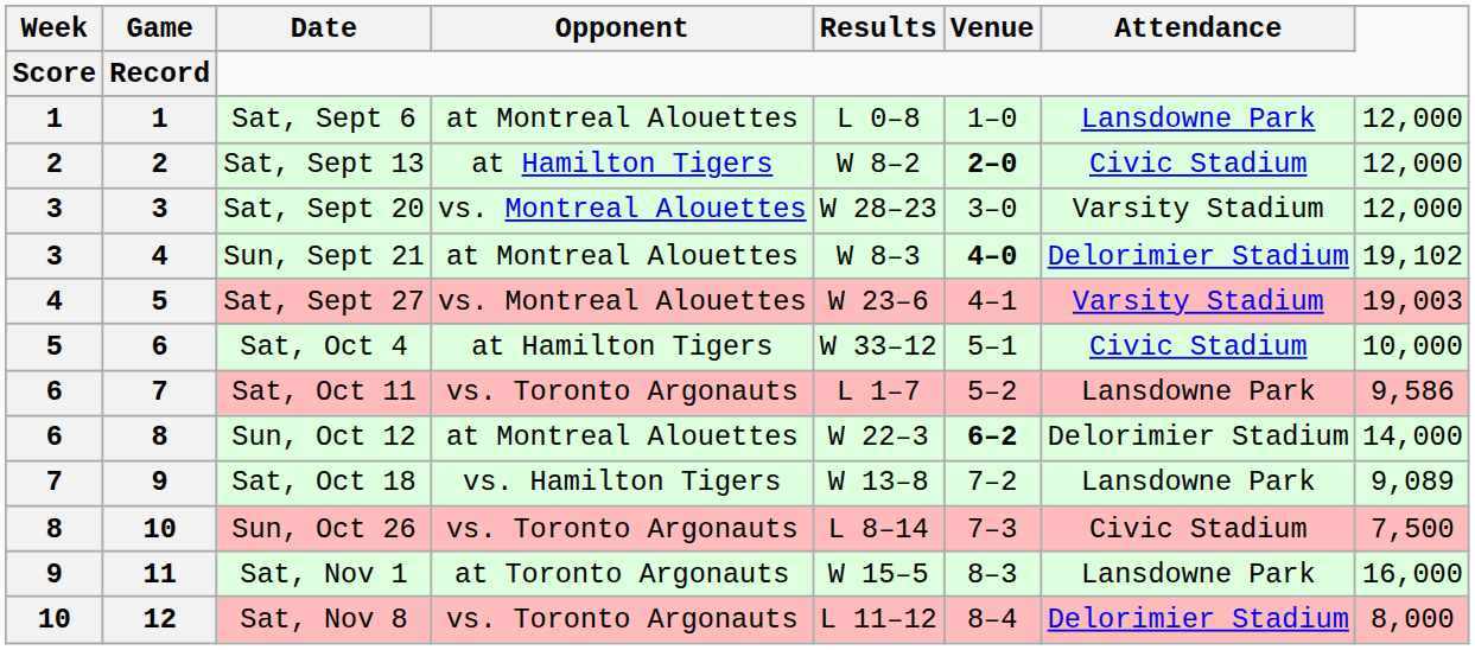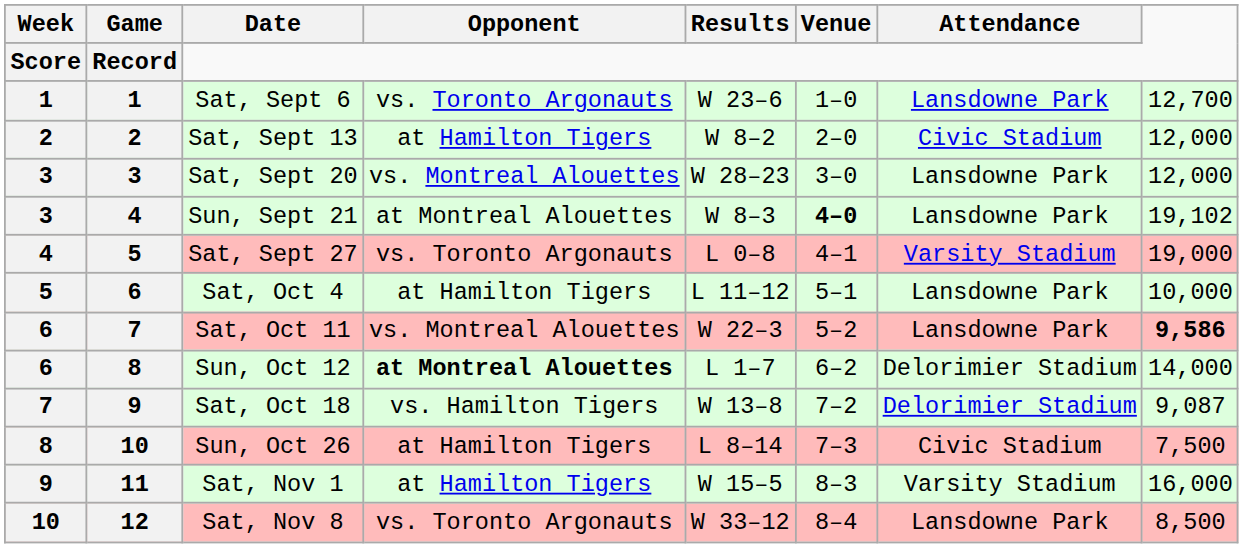 <table class="wikitable" style="text-align:center">
 <tr>
 <th>Week</th>
 <th>Game</th>
 <th>Date</th>
 <th>Opponent</th>
 <th>Results</th>
 <th>Venue</th>
 <th>Attendance</th>
 </tr>
 <tr>
 <th>Score</th>
 <th>Record</th>
 </tr>
 <tr style="background:#ddffdd">
 <th>1</th>
 <th>1</th>
 <td>Sat, Sept 6</td>
-<td>at Montreal Alouettes</td>
-<td>L 0–8</td>
+<td>vs. <a href='#'>Toronto Argonauts</a></td>
+<td>W 23–6</td>
 <td>1–0</td>
 <td><a href='#'>Lansdowne Park</a></td>
-<td>12,000</td>
+<td>12,700</td>
 </tr>
 <tr style="background:#ddffdd">
 <th>2</th>
 <th>2</th>
 <td>Sat, Sept 13</td>
 <td>at <a href='#'>Hamilton Tigers</a></td>
 <td>W 8–2</td>
-<td><strong>2–0</strong></td>
+<td>2–0</td>
 <td><a href='#'>Civic Stadium</a></td>
 <td>12,000</td>
 </tr>
 <tr style="background:#ddffdd">
 <th>3</th>
 <th>3</th>
 <td>Sat, Sept 20</td>
 <td>vs. <a href='#'>Montreal Alouettes</a></td>
 <td>W 28–23</td>
 <td>3–0</td>
-<td>Varsity Stadium</td>
+<td>Lansdowne Park</td>
 <td>12,000</td>
 </tr>
 <tr style="background:#ddffdd">
 <th>3</th>
 <th>4</th>
 <td>Sun, Sept 21</td>
 <td>at Montreal Alouettes</td>
 <td>W 8–3</td>
 <td><strong>4–0</strong></td>
-<td><a href='#'>Delorimier Stadium</a></td>
+<td>Lansdowne Park</td>
 <td>19,102</td>
 </tr>
 <tr style="background:#ffbbbb">
 <th>4</th>
 <th>5</th>
 <td>Sat, Sept 27</td>
-<td>vs. Montreal Alouettes</td>
-<td>W 23–6</td>
+<td>vs. Toronto Argonauts</td>
+<td>L 0–8</td>
 <td>4–1</td>
 <td><a href='#'>Varsity Stadium</a></td>
-<td>19,003</td>
+<td>19,000</td>
 </tr>
 <tr style="background:#ddffdd">
 <th>5</th>
 <th>6</th>
 <td>Sat, Oct 4</td>
 <td>at Hamilton Tigers</td>
-<td>W 33–12</td>
+<td>L 11–12</td>
 <td>5–1</td>
-<td><a href='#'>Civic Stadium</a></td>
+<td>Lansdowne Park</td>
 <td>10,000</td>
 </tr>
 <tr style="background:#ffbbbb">
 <th>6</th>
 <th>7</th>
 <td>Sat, Oct 11</td>
-<td>vs. Toronto Argonauts</td>
-<td>L 1–7</td>
+<td>vs. Montreal Alouettes</td>
+<td>W 22–3</td>
 <td>5–2</td>
 <td>Lansdowne Park</td>
-<td>9,586</td>
+<td><strong>9,586</strong></td>
 </tr>
 <tr style="background:#ddffdd">
 <th>6</th>
 <th>8</th>
 <td>Sun, Oct 12</td>
-<td>at Montreal Alouettes</td>
-<td>W 22–3</td>
-<td><strong>6–2</strong></td>
+<td><strong>at Montreal Alouettes</strong></td>
+<td>L 1–7</td>
+<td>6–2</td>
 <td>Delorimier Stadium</td>
 <td>14,000</td>
 </tr>
 <tr style="background:#ddffdd">
 <th>7</th>
 <th>9</th>
 <td>Sat, Oct 18</td>
 <td>vs. Hamilton Tigers</td>
 <td>W 13–8</td>
 <td>7–2</td>
-<td>Lansdowne Park</td>
-<td>9,089</td>
+<td><a href='#'>Delorimier Stadium</a></td>
+<td>9,087</td>
 </tr>
 <tr style="background:#ffbbbb">
 <th>8</th>
 <th>10</th>
 <td>Sun, Oct 26</td>
-<td>vs. Toronto Argonauts</td>
+<td>at Hamilton Tigers</td>
 <td>L 8–14</td>
 <td>7–3</td>
 <td>Civic Stadium</td>
 <td>7,500</td>
 </tr>
 <tr style="background:#ddffdd">
 <th>9</th>
 <th>11</th>
 <td>Sat, Nov 1</td>
-<td>at Toronto Argonauts</td>
+<td>at <a href='#'>Hamilton Tigers</a></td>
 <td>W 15–5</td>
 <td>8–3</td>
-<td>Lansdowne Park</td>
+<td>Varsity Stadium</td>
 <td>16,000</td>
 </tr>
 <tr style="background:#ffbbbb">
 <th>10</th>
 <th>12</th>
 <td>Sat, Nov 8</td>
 <td>vs. Toronto Argonauts</td>
-<td>L 11–12</td>
+<td>W 33–12</td>
 <td>8–4</td>
-<td><a href='#'>Delorimier Stadium</a></td>
-<td>8,000</td>
+<td>Lansdowne Park</td>
+<td>8,500</td>
 </tr>
 </table>
